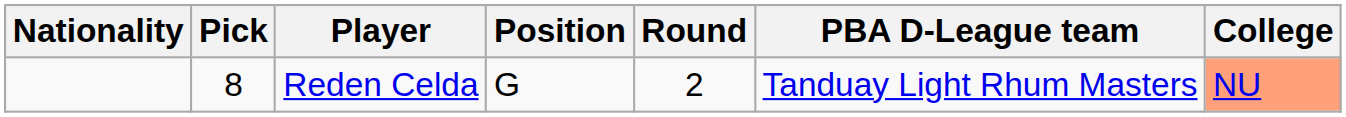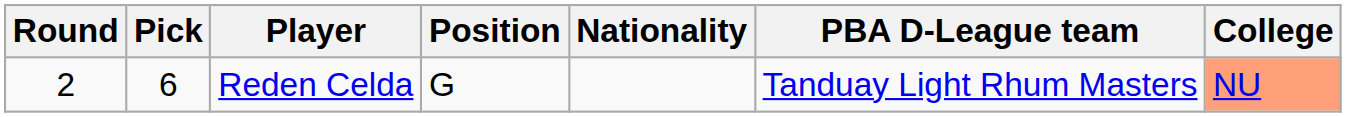 <table class="wikitable sortable sortable">
 <tr>
-<th>Nationality</th>
+<th>Round</th>
 <th>Pick</th>
 <th>Player</th>
 <th>Position</th>
-<th>Round</th>
+<th>Nationality</th>
 <th>PBA D-League team</th>
 <th>College</th>
 </tr>
 <tr>
-<td></td>
-<td align=center>8</td>
+<td align=center>2</td>
+<td align=center>6</td>
 <td><a href='#'>Reden Celda</a></td>
 <td>G</td>
-<td align=center>2</td>
+<td></td>
 <td><a href='#'>Tanduay Light Rhum Masters</a></td>
 <td style="background: lightsalmon;"><a href='#'>NU</a></td>
 </tr>
 </table>
